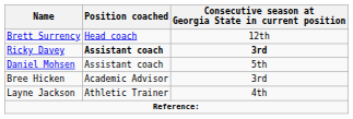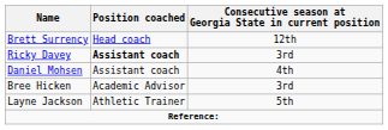 <table class="wikitable" style="font-size:93%;">
 <tr>
 <th>Name</th>
 <th>Position coached</th>
 <th>Consecutive season at<br>Georgia State in current position</th>
 </tr>
 <tr>
 <td><a href='#'>Brett Surrency</a></td>
 <td><a href='#'>Head coach</a></td>
 <td align=center>12th</td>
 </tr>
 <tr>
 <td><a href='#'>Ricky Davey</a></td>
 <td><strong>Assistant coach</strong></td>
-<td align=center><strong>3rd</strong></td>
+<td align=center>3rd</td>
 </tr>
 <tr>
 <td><a href='#'>Daniel Mohsen</a></td>
 <td>Assistant coach</td>
-<td align=center>5th</td>
+<td align=center>4th</td>
 </tr>
 <tr>
 <td>Bree Hicken</td>
 <td>Academic Advisor</td>
 <td align=center>3rd</td>
 </tr>
 <tr>
 <td>Layne Jackson</td>
 <td>Athletic Trainer</td>
-<td align=center>4th</td>
+<td align=center>5th</td>
 </tr>
 <tr>
 <td colspan="4" style="font-size:8pt; text-align:center;"><strong>Reference:</strong></td>
 </tr>
 </table>
